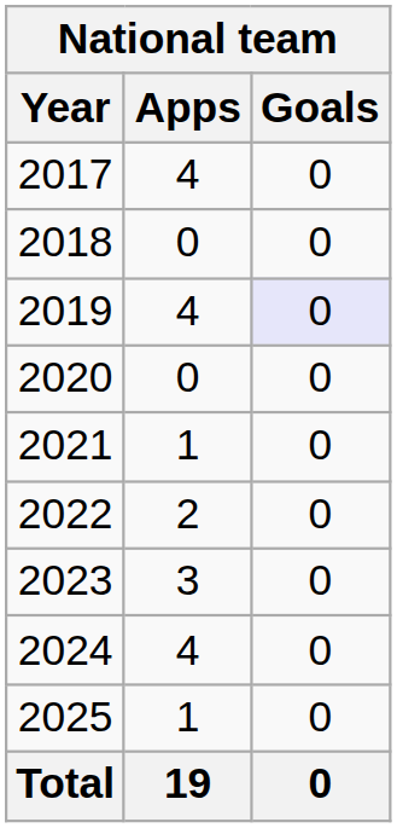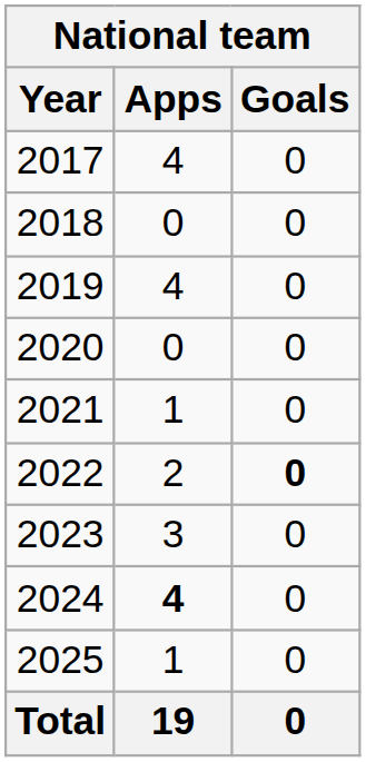 <table class="wikitable" style="text-align:center">
 <tr>
 <th colspan=3>National team</th>
 </tr>
 <tr>
 <th>Year</th>
 <th>Apps</th>
 <th>Goals</th>
 </tr>
 <tr>
 <td>2017</td>
 <td>4</td>
 <td>0</td>
 </tr>
 <tr>
 <td>2018</td>
 <td>0</td>
 <td>0</td>
 </tr>
 <tr>
 <td>2019</td>
 <td>4</td>
-<td style="background: lavender;">0</td>
+<td>0</td>
 </tr>
 <tr>
 <td>2020</td>
 <td>0</td>
 <td>0</td>
 </tr>
 <tr>
 <td>2021</td>
 <td>1</td>
 <td>0</td>
 </tr>
 <tr>
 <td>2022</td>
 <td>2</td>
-<td>0</td>
+<td><strong>0</strong></td>
 </tr>
 <tr>
 <td>2023</td>
 <td>3</td>
 <td>0</td>
 </tr>
 <tr>
 <td>2024</td>
-<td>4</td>
+<td><strong>4</strong></td>
 <td>0</td>
 </tr>
 <tr>
 <td>2025</td>
 <td>1</td>
 <td>0</td>
 </tr>
 <tr>
 <th>Total</th>
 <th>19</th>
 <th>0</th>
 </tr>
 </table>
